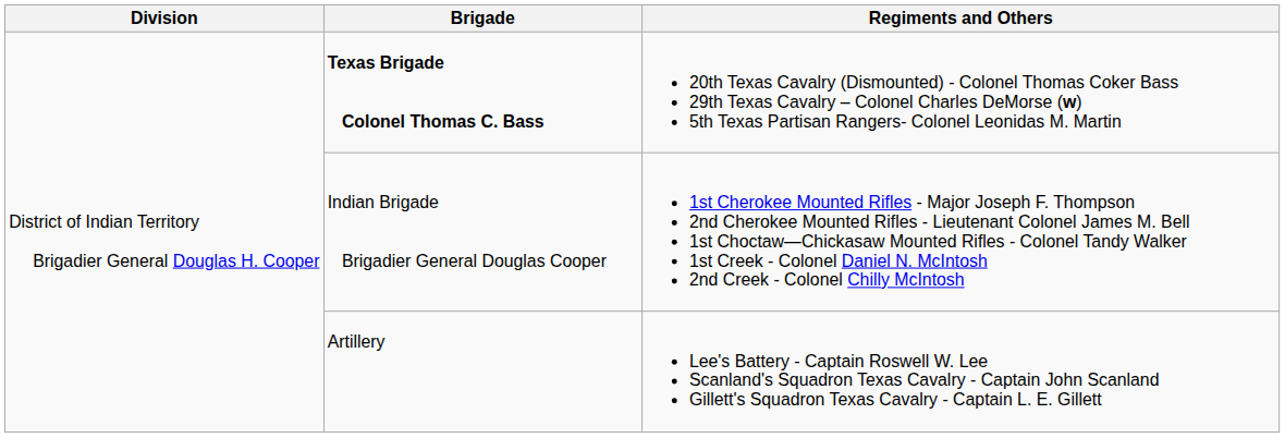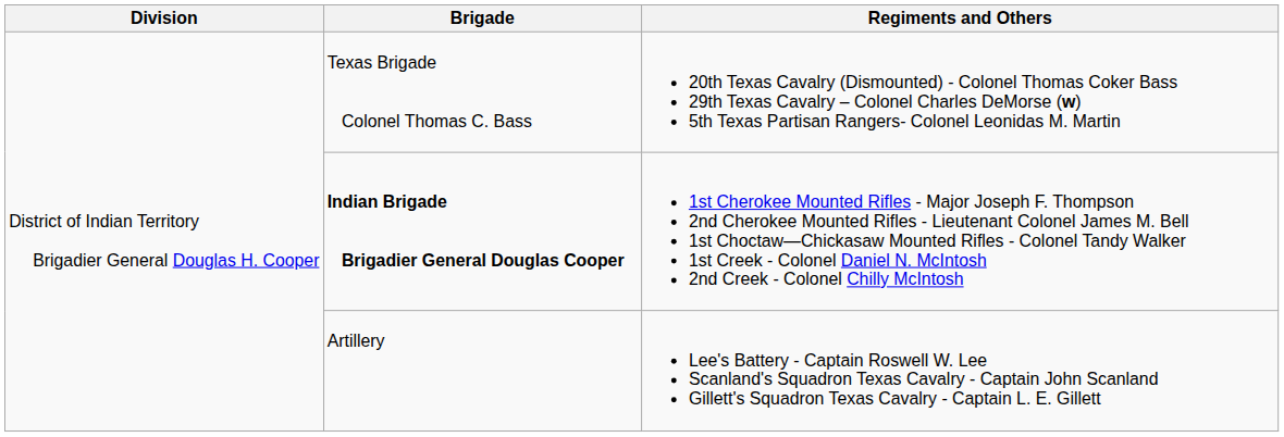 <table class="wikitable">
 <tr>
 <th width=25%>Division</th>
 <th width=25%>Brigade</th>
 <th>Regiments and Others</th>
 </tr>
 <tr>
 <td rowspan=3><br>District of Indian Territory<br><br>     Brigadier General <a href='#'>Douglas H. Cooper</a></td>
-<td><strong>Texas Brigade<br><br><br>   Colonel Thomas C. Bass</strong></td>
+<td>Texas Brigade<br><br><br>   Colonel Thomas C. Bass</td>
 <td><br><ul><li>20th Texas Cavalry (Dismounted) - Colonel Thomas Coker Bass</li><li>29th Texas Cavalry – Colonel Charles DeMorse (<strong>w</strong>)</li><li>5th Texas Partisan Rangers- Colonel Leonidas M. Martin</li></ul></td>
 </tr>
 <tr>
-<td>Indian Brigade<br><br><br>   Brigadier General Douglas Cooper</td>
+<td><strong>Indian Brigade<br><br><br>   Brigadier General Douglas Cooper</strong></td>
 <td><br><ul><li><a href='#'>1st Cherokee Mounted Rifles</a> - Major Joseph F. Thompson</li><li>2nd Cherokee Mounted Rifles - Lieutenant Colonel James M. Bell</li><li>1st Choctaw—Chickasaw Mounted Rifles - Colonel Tandy Walker</li><li>1st Creek - Colonel <a href='#'>Daniel N. McIntosh</a></li><li>2nd Creek - Colonel <a href='#'>Chilly McIntosh</a></li></ul></td>
 </tr>
 <tr>
 <td>Artillery<br><br><br>  </td>
 <td><br><ul><li>Lee's Battery - Captain Roswell W. Lee</li><li>Scanland's Squadron Texas Cavalry - Captain John Scanland</li><li>Gillett's Squadron Texas Cavalry - Captain L. E. Gillett</li></ul></td>
 </tr>
 </table>
